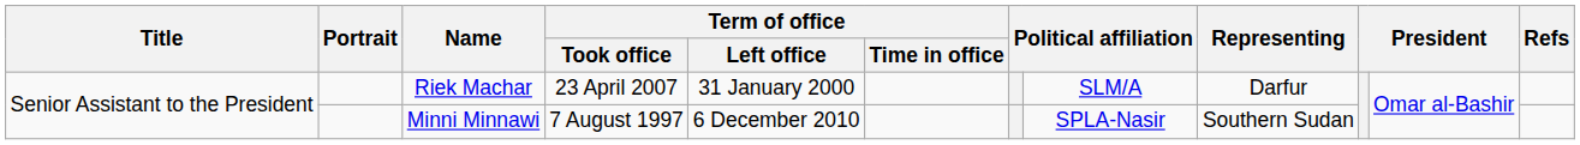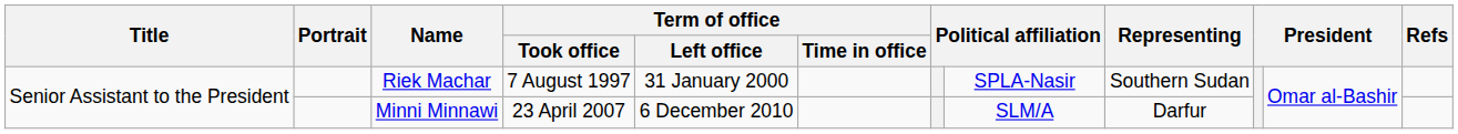 <table class="wikitable" style="text-align:center;">
 <tr>
 <th rowspan=2>Title</th>
 <th rowspan=2>Portrait</th>
 <th rowspan=2>Name</th>
 <th colspan=3>Term of office</th>
 <th rowspan=2 colspan=2>Political affiliation</th>
 <th rowspan=2>Representing</th>
 <th rowspan=2 colspan=2>President</th>
 <th rowspan=2>Refs</th>
 </tr>
 <tr>
 <th>Took office</th>
 <th>Left office</th>
 <th>Time in office</th>
 </tr>
 <tr>
 <td rowspan=2>Senior Assistant to the President</td>
 <td></td>
 <td><a href='#'>Riek Machar</a></td>
-<td>23 April 2007</td>
+<td>7 August 1997</td>
 <td>31 January 2000</td>
 <td></td>
 <th style="background:"></th>
-<td><a href='#'>SLM/A</a></td>
-<td>Darfur</td>
+<td><a href='#'>SPLA-Nasir</a></td>
+<td>Southern Sudan</td>
 <th rowspan=2 style="background:"></th>
 <td rowspan=2><a href='#'>Omar al-Bashir</a></td>
 <td></td>
 </tr>
 <tr>
 <td></td>
 <td><a href='#'>Minni Minnawi</a></td>
-<td>7 August 1997</td>
+<td>23 April 2007</td>
 <td>6 December 2010</td>
 <td></td>
 <th style="background:"></th>
-<td><a href='#'>SPLA-Nasir</a></td>
-<td>Southern Sudan</td>
+<td><a href='#'>SLM/A</a></td>
+<td>Darfur</td>
 <td></td>
 </tr>
 </table>
